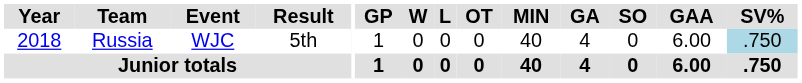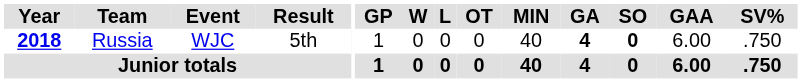 <table border="0" cellpadding="1" cellspacing="0" ID="Table3" style="text-align:center; width:40em;">
 <tr bgcolor="#e0e0e0">
 <th>Year</th>
 <th>Team</th>
 <th>Event</th>
 <th>Result</th>
 <th rowspan="99" bgcolor="#ffffff"></th>
 <th>GP</th>
 <th>W</th>
 <th>L</th>
 <th>OT</th>
 <th>MIN</th>
 <th>GA</th>
 <th>SO</th>
 <th>GAA</th>
 <th>SV%</th>
 </tr>
 <tr>
-<td><a href='#'>2018</a></td>
+<td><strong><a href='#'>2018</a></strong></td>
 <td><a href='#'>Russia</a></td>
 <td><a href='#'>WJC</a></td>
 <td>5th</td>
 <td>1</td>
 <td>0</td>
 <td>0</td>
 <td>0</td>
 <td>40</td>
-<td>4</td>
-<td>0</td>
+<td><strong>4</strong></td>
+<td><strong>0</strong></td>
 <td>6.00</td>
-<td style="background: lightblue;">.750</td>
+<td>.750</td>
 </tr>
 <tr bgcolor="#e0e0e0">
 <th colspan="4">Junior totals</th>
 <th>1</th>
 <th>0</th>
 <th>0</th>
 <th>0</th>
 <th>40</th>
 <th>4</th>
 <th>0</th>
 <th>6.00</th>
 <th>.750</th>
 </tr>
 </table>
